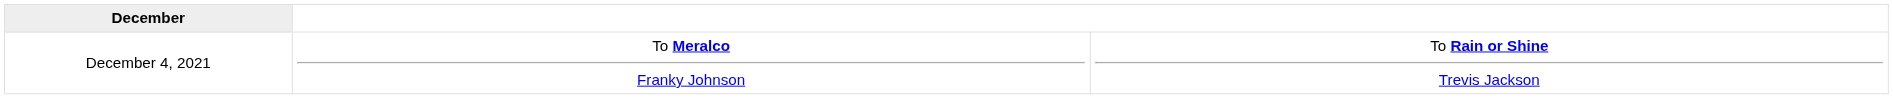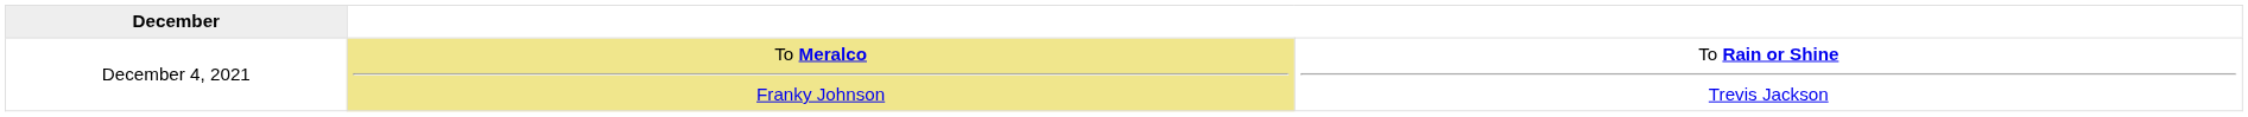 <table border=1 style="border-collapse:collapse; text-align: center; width: 100%" bordercolor="#DFDFDF"  cellpadding="5">
 <tr bgcolor="eeeeee">
 <th>December</th>
 </tr>
 <tr>
 <td style="width:12%">December 4, 2021</td>
-<td style="width:33.3%" valign="top">To <strong><a href='#'>Meralco</a></strong><hr><a href='#'>Franky Johnson</a></td>
+<td style="background: khaki; width:33.3%" valign="top">To <strong><a href='#'>Meralco</a></strong><hr><a href='#'>Franky Johnson</a></td>
 <td style="width:33.3%" valign="top">To <strong><a href='#'>Rain or Shine</a></strong><hr><a href='#'>Trevis Jackson</a></td>
 </tr>
 </table>
